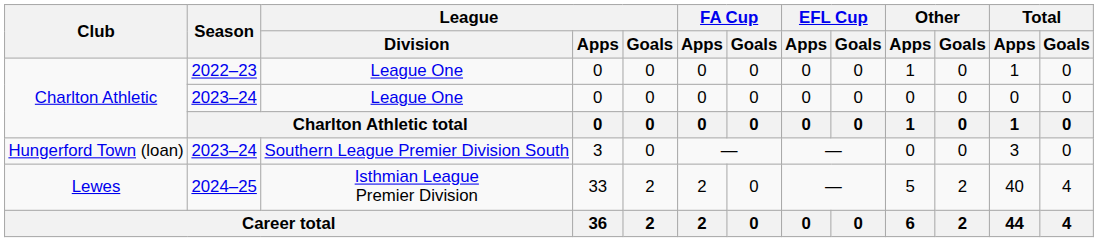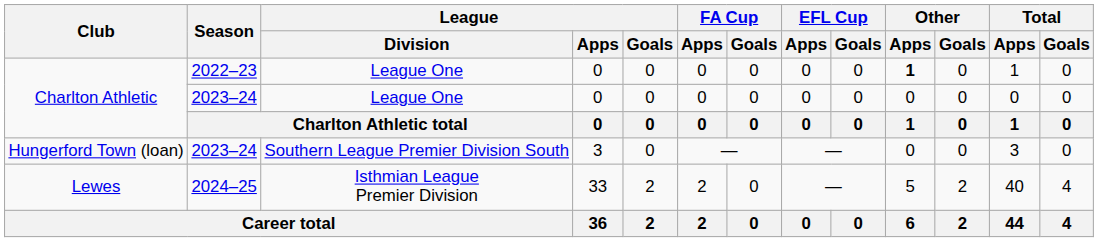 <table class="wikitable" style="text-align: center">
 <tr>
 <th rowspan="2">Club</th>
 <th rowspan="2">Season</th>
 <th colspan="3">League</th>
 <th colspan="2"><a href='#'>FA Cup</a></th>
 <th colspan="2"><a href='#'>EFL Cup</a></th>
 <th colspan="2">Other</th>
 <th colspan="2">Total</th>
 </tr>
 <tr>
 <th>Division</th>
 <th>Apps</th>
 <th>Goals</th>
 <th>Apps</th>
 <th>Goals</th>
 <th>Apps</th>
 <th>Goals</th>
 <th>Apps</th>
 <th>Goals</th>
 <th>Apps</th>
 <th>Goals</th>
 </tr>
 <tr>
 <td rowspan="3"><a href='#'>Charlton Athletic</a></td>
 <td><a href='#'>2022–23</a></td>
 <td><a href='#'>League One</a></td>
 <td>0</td>
 <td>0</td>
 <td>0</td>
 <td>0</td>
 <td>0</td>
 <td>0</td>
-<td>1</td>
+<td><strong>1</strong></td>
 <td>0</td>
 <td>1</td>
 <td>0</td>
 </tr>
 <tr>
 <td><a href='#'>2023–24</a></td>
 <td><a href='#'>League One</a></td>
 <td>0</td>
 <td>0</td>
 <td>0</td>
 <td>0</td>
 <td>0</td>
 <td>0</td>
 <td>0</td>
 <td>0</td>
 <td>0</td>
 <td>0</td>
 </tr>
 <tr>
 <th colspan="2">Charlton Athletic total</th>
 <th>0</th>
 <th>0</th>
 <th>0</th>
 <th>0</th>
 <th>0</th>
 <th>0</th>
 <th>1</th>
 <th>0</th>
 <th>1</th>
 <th>0</th>
 </tr>
 <tr>
 <td><a href='#'>Hungerford Town</a> (loan)</td>
 <td><a href='#'>2023–24</a></td>
 <td><a href='#'>Southern League Premier Division South</a></td>
 <td>3</td>
 <td>0</td>
 <td colspan="2">—</td>
 <td colspan="2">—</td>
 <td>0</td>
 <td>0</td>
 <td>3</td>
 <td>0</td>
 </tr>
 <tr>
 <td><a href='#'>Lewes</a></td>
 <td><a href='#'>2024–25</a></td>
 <td><a href='#'>Isthmian League</a><br>Premier Division</td>
 <td>33</td>
 <td>2</td>
 <td>2</td>
 <td>0</td>
 <td colspan="2">—</td>
 <td>5</td>
 <td>2</td>
 <td>40</td>
 <td>4</td>
 </tr>
 <tr>
 <th colspan="3">Career total</th>
 <th>36</th>
 <th>2</th>
 <th>2</th>
 <th>0</th>
 <th>0</th>
 <th>0</th>
 <th>6</th>
 <th>2</th>
 <th>44</th>
 <th>4</th>
 </tr>
 </table>
